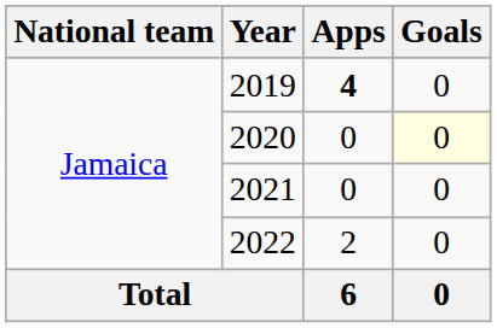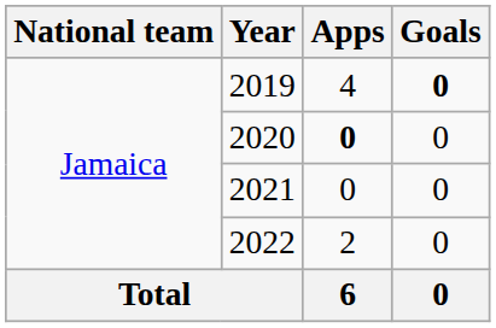 <table class="wikitable" style="text-align:center">
 <tr>
 <th>National team</th>
 <th>Year</th>
 <th>Apps</th>
 <th>Goals</th>
 </tr>
 <tr>
 <td rowspan=4><a href='#'>Jamaica</a></td>
 <td>2019</td>
-<td><strong>4</strong></td>
-<td>0</td>
+<td>4</td>
+<td><strong>0</strong></td>
 </tr>
 <tr>
 <td>2020</td>
+<td><strong>0</strong></td>
 <td>0</td>
-<td style="background: lightyellow;">0</td>
 </tr>
 <tr>
 <td>2021</td>
 <td>0</td>
 <td>0</td>
 </tr>
 <tr>
 <td>2022</td>
 <td>2</td>
 <td>0</td>
 </tr>
 <tr>
 <th colspan=2>Total</th>
 <th>6</th>
 <th>0</th>
 </tr>
 </table>
